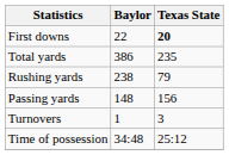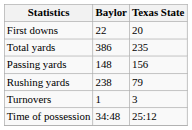 <table class="wikitable">
 <tr>
 <th>Statistics</th>
 <th>Baylor</th>
 <th>Texas State</th>
 </tr>
 <tr>
 <td>First downs</td>
 <td>22</td>
-<td><strong>20</strong></td>
+<td>20</td>
 </tr>
 <tr>
 <td>Total yards</td>
 <td>386</td>
 <td>235</td>
 </tr>
 <tr>
+<td>Passing yards</td>
+<td>148</td>
+<td>156</td>
+</tr>
+<tr>
 <td>Rushing yards</td>
 <td>238</td>
 <td>79</td>
-</tr>
-<tr>
-<td>Passing yards</td>
-<td>148</td>
-<td>156</td>
 </tr>
 <tr>
 <td>Turnovers</td>
 <td>1</td>
 <td>3</td>
 </tr>
 <tr>
 <td>Time of possession</td>
 <td>34:48</td>
 <td>25:12</td>
 </tr>
 <tr>
 </tr>
 </table>
